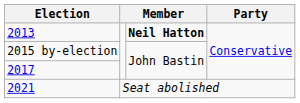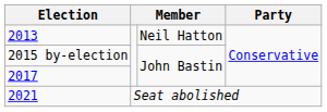 <table class="wikitable">
 <tr>
 <th>Election</th>
 <th colspan="2">Member</th>
 <th>Party</th>
 </tr>
 <tr>
 <td><a href='#'>2013</a></td>
 <td rowspan="3" style="background-color: "></td>
-<td rowspan="1"><strong>Neil Hatton</strong></td>
+<td rowspan="1">Neil Hatton</td>
 <td rowspan="3"><a href='#'>Conservative</a></td>
 </tr>
 <tr>
 <td>2015 by-election</td>
 <td rowspan="2">John Bastin</td>
 </tr>
 <tr>
 <td><a href='#'>2017</a></td>
 </tr>
 <tr>
 <td><a href='#'>2021</a></td>
 <td colspan="3"><em>Seat abolished</em></td>
 </tr>
 </table>
